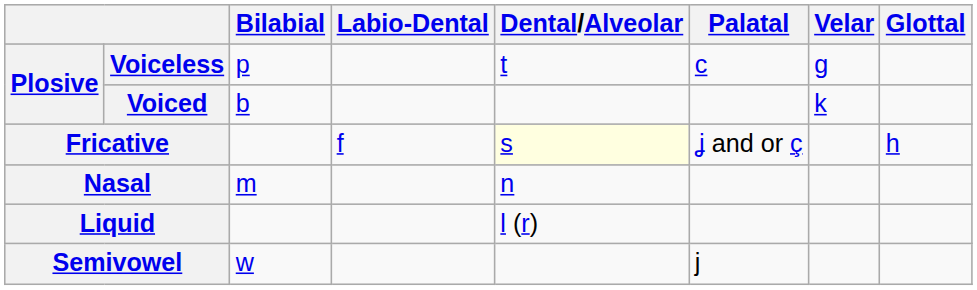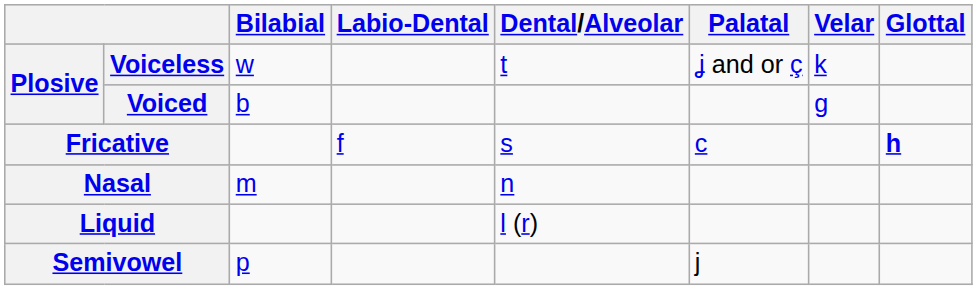 <table class="wikitable">
 <tr>
 <th colspan="2"></th>
 <th><a href='#'>Bilabial</a></th>
 <th><a href='#'>Labio-Dental</a></th>
 <th><a href='#'>Dental</a>/<a href='#'>Alveolar</a></th>
 <th><a href='#'>Palatal</a></th>
 <th><a href='#'>Velar</a></th>
 <th><a href='#'>Glottal</a></th>
 </tr>
 <tr>
 <th rowspan="2"><a href='#'>Plosive</a></th>
 <th><a href='#'>Voiceless</a></th>
-<td><a href='#'>p</a></td>
+<td><a href='#'>w</a></td>
 <td></td>
 <td><a href='#'>t</a></td>
-<td><a href='#'>c</a></td>
-<td><a href='#'>g</a></td>
+<td><a href='#'>ʝ</a> and or <a href='#'>ç</a></td>
+<td><a href='#'>k</a></td>
 <td></td>
 </tr>
 <tr>
 <th><a href='#'>Voiced</a></th>
 <td><a href='#'>b</a></td>
 <td></td>
 <td></td>
 <td></td>
-<td><a href='#'>k</a></td>
+<td><a href='#'>g</a></td>
 <td></td>
 </tr>
 <tr>
 <th colspan="2"><a href='#'>Fricative</a></th>
 <td></td>
 <td><a href='#'>f</a></td>
-<td style="background: lightyellow;"><a href='#'>s</a></td>
-<td><a href='#'>ʝ</a> and or <a href='#'>ç</a></td>
+<td><a href='#'>s</a></td>
+<td><a href='#'>c</a></td>
 <td></td>
-<td><a href='#'>h</a></td>
+<td><strong><a href='#'>h</a></strong></td>
 </tr>
 <tr>
 <th colspan="2"><a href='#'>Nasal</a></th>
 <td><a href='#'>m</a></td>
 <td></td>
 <td><a href='#'>n</a></td>
 <td></td>
 <td></td>
 <td></td>
 </tr>
 <tr>
 <th colspan="2"><a href='#'>Liquid</a></th>
 <td></td>
 <td></td>
 <td><a href='#'>l</a> (<a href='#'>r</a>)</td>
 <td></td>
 <td></td>
 <td></td>
 </tr>
 <tr>
 <th colspan="2"><a href='#'>Semivowel</a></th>
-<td><a href='#'>w</a></td>
+<td><a href='#'>p</a></td>
 <td></td>
 <td></td>
 <td>j</td>
 <td></td>
 <td></td>
 </tr>
 </table>
